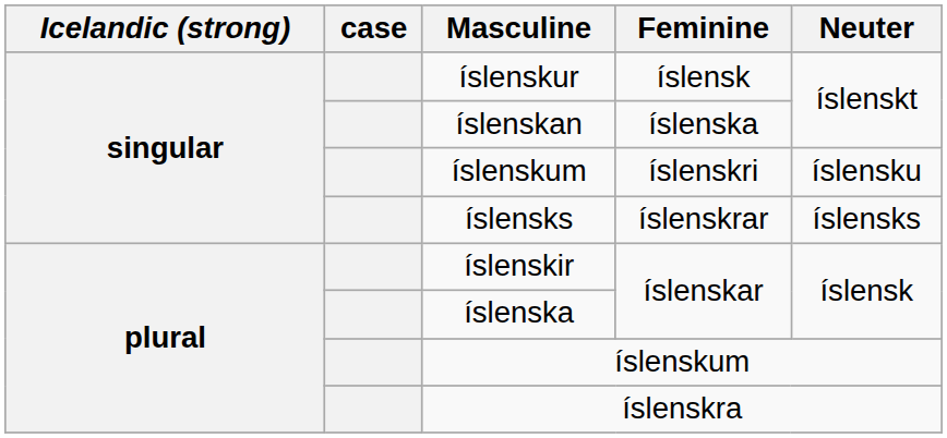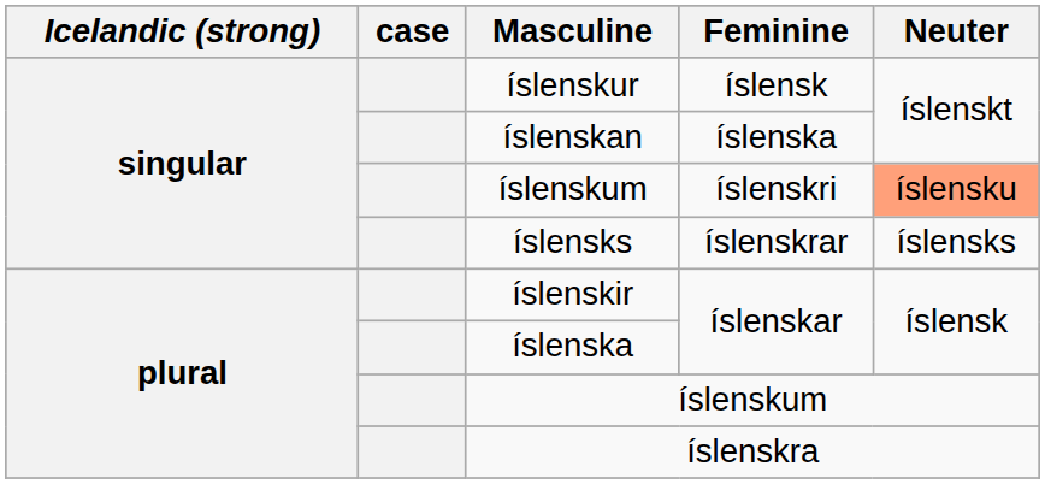 <table class="wikitable" style="text-align:center;" width=500px>
 <tr>
 <th><strong><em>Icelandic (strong)</em></strong></th>
 <th>case</th>
 <th>Masculine</th>
 <th>Feminine</th>
 <th>Neuter</th>
 </tr>
 <tr>
 <th rowspan=4>singular</th>
 <th></th>
 <td>íslenskur</td>
 <td>íslensk</td>
 <td rowspan="2">íslenskt</td>
 </tr>
 <tr>
 <th></th>
 <td>íslenskan</td>
 <td>íslenska</td>
 </tr>
 <tr>
 <th></th>
 <td>íslenskum</td>
 <td>íslenskri</td>
-<td>íslensku</td>
+<td style="background: lightsalmon;">íslensku</td>
 </tr>
 <tr>
 <th></th>
 <td>íslensks</td>
 <td>íslenskrar</td>
 <td>íslensks</td>
 </tr>
 <tr>
 <th rowspan=4>plural</th>
 <th></th>
 <td>íslenskir</td>
 <td rowspan="2">íslenskar</td>
 <td rowspan="2">íslensk</td>
 </tr>
 <tr>
 <th></th>
 <td>íslenska</td>
 </tr>
 <tr>
 <th></th>
 <td colspan=3>íslenskum</td>
 </tr>
 <tr>
 <th></th>
 <td colspan=3>íslenskra</td>
 </tr>
 </table>
